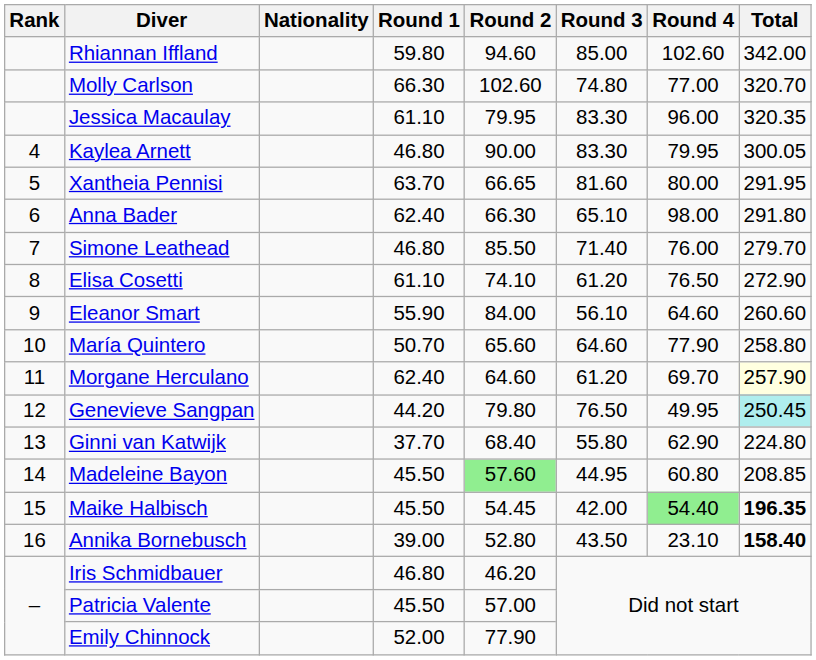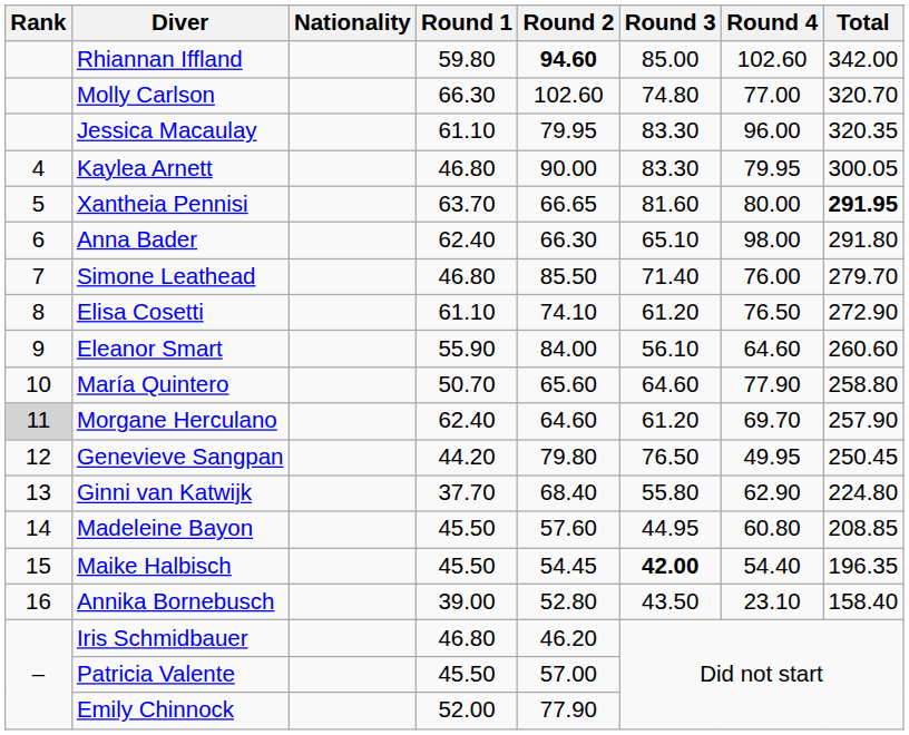 <table class="wikitable sortable" style="text-align:center">
 <tr>
 <th>Rank</th>
 <th>Diver</th>
 <th>Nationality</th>
 <th>Round 1</th>
 <th>Round 2</th>
 <th>Round 3</th>
 <th>Round 4</th>
 <th>Total</th>
 </tr>
 <tr>
 <td></td>
 <td align=left><a href='#'>Rhiannan Iffland</a></td>
 <td align=left></td>
 <td>59.80</td>
-<td>94.60</td>
+<td><strong>94.60</strong></td>
 <td>85.00</td>
 <td>102.60</td>
 <td>342.00</td>
 </tr>
 <tr>
 <td></td>
 <td align=left><a href='#'>Molly Carlson</a></td>
 <td align=left></td>
 <td>66.30</td>
 <td>102.60</td>
 <td>74.80</td>
 <td>77.00</td>
 <td>320.70</td>
 </tr>
 <tr>
 <td></td>
 <td align=left><a href='#'>Jessica Macaulay</a></td>
 <td align=left></td>
 <td>61.10</td>
 <td>79.95</td>
 <td>83.30</td>
 <td>96.00</td>
 <td>320.35</td>
 </tr>
 <tr>
 <td>4</td>
 <td align=left><a href='#'>Kaylea Arnett</a></td>
 <td align=left></td>
 <td>46.80</td>
 <td>90.00</td>
 <td>83.30</td>
 <td>79.95</td>
 <td>300.05</td>
 </tr>
 <tr>
 <td>5</td>
 <td align=left><a href='#'>Xantheia Pennisi</a></td>
 <td align=left></td>
 <td>63.70</td>
 <td>66.65</td>
 <td>81.60</td>
 <td>80.00</td>
-<td>291.95</td>
+<td><strong>291.95</strong></td>
 </tr>
 <tr>
 <td>6</td>
 <td align=left><a href='#'>Anna Bader</a></td>
 <td align=left></td>
 <td>62.40</td>
 <td>66.30</td>
 <td>65.10</td>
 <td>98.00</td>
 <td>291.80</td>
 </tr>
 <tr>
 <td>7</td>
 <td align=left><a href='#'>Simone Leathead</a></td>
 <td align=left></td>
 <td>46.80</td>
 <td>85.50</td>
 <td>71.40</td>
 <td>76.00</td>
 <td>279.70</td>
 </tr>
 <tr>
 <td>8</td>
 <td align=left><a href='#'>Elisa Cosetti</a></td>
 <td align=left></td>
 <td>61.10</td>
 <td>74.10</td>
 <td>61.20</td>
 <td>76.50</td>
 <td>272.90</td>
 </tr>
 <tr>
 <td>9</td>
 <td align=left><a href='#'>Eleanor Smart</a></td>
 <td align=left></td>
 <td>55.90</td>
 <td>84.00</td>
 <td>56.10</td>
 <td>64.60</td>
 <td>260.60</td>
 </tr>
 <tr>
 <td>10</td>
 <td align=left><a href='#'>María Quintero</a></td>
 <td align=left></td>
 <td>50.70</td>
 <td>65.60</td>
 <td>64.60</td>
 <td>77.90</td>
 <td>258.80</td>
 </tr>
 <tr>
-<td>11</td>
+<td style="background: lightgrey;">11</td>
 <td align=left><a href='#'>Morgane Herculano</a></td>
 <td align=left></td>
 <td>62.40</td>
 <td>64.60</td>
 <td>61.20</td>
 <td>69.70</td>
-<td style="background: lightyellow;">257.90</td>
+<td>257.90</td>
 </tr>
 <tr>
 <td>12</td>
 <td align=left><a href='#'>Genevieve Sangpan</a></td>
 <td align=left></td>
 <td>44.20</td>
 <td>79.80</td>
 <td>76.50</td>
 <td>49.95</td>
-<td style="background: paleturquoise;">250.45</td>
+<td>250.45</td>
 </tr>
 <tr>
 <td>13</td>
 <td align=left><a href='#'>Ginni van Katwijk</a></td>
 <td align=left></td>
 <td>37.70</td>
 <td>68.40</td>
 <td>55.80</td>
 <td>62.90</td>
 <td>224.80</td>
 </tr>
 <tr>
 <td>14</td>
 <td align=left><a href='#'>Madeleine Bayon</a></td>
 <td align=left></td>
 <td>45.50</td>
-<td style="background: lightgreen;">57.60</td>
+<td>57.60</td>
 <td>44.95</td>
 <td>60.80</td>
 <td>208.85</td>
 </tr>
 <tr>
 <td>15</td>
 <td align=left><a href='#'>Maike Halbisch</a></td>
 <td align=left></td>
 <td>45.50</td>
 <td>54.45</td>
-<td>42.00</td>
-<td style="background: lightgreen;">54.40</td>
-<td><strong>196.35</strong></td>
+<td><strong>42.00</strong></td>
+<td>54.40</td>
+<td>196.35</td>
 </tr>
 <tr>
 <td>16</td>
 <td align=left><a href='#'>Annika Bornebusch</a></td>
 <td align=left></td>
 <td>39.00</td>
 <td>52.80</td>
 <td>43.50</td>
 <td>23.10</td>
-<td><strong>158.40</strong></td>
+<td>158.40</td>
 </tr>
 <tr>
 <td rowspan=3>–</td>
 <td align=left><a href='#'>Iris Schmidbauer</a></td>
 <td align=left></td>
 <td>46.80</td>
 <td>46.20</td>
 <td rowspan=3 colspan=3>Did not start</td>
 </tr>
 <tr>
 <td align=left><a href='#'>Patricia Valente</a></td>
 <td align=left></td>
 <td>45.50</td>
 <td>57.00</td>
 </tr>
 <tr>
 <td align=left><a href='#'>Emily Chinnock</a></td>
 <td align=left></td>
 <td>52.00</td>
 <td>77.90</td>
 </tr>
 </table>
